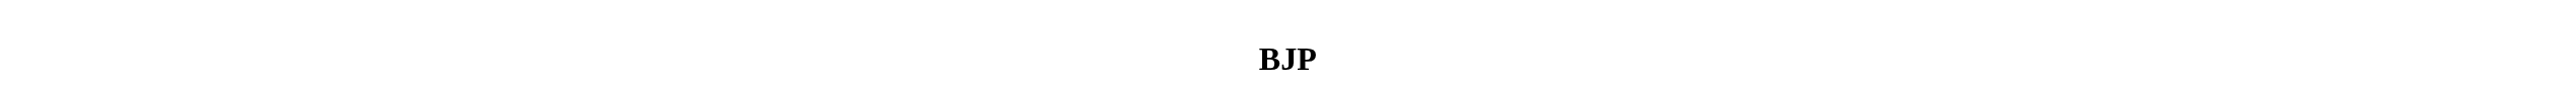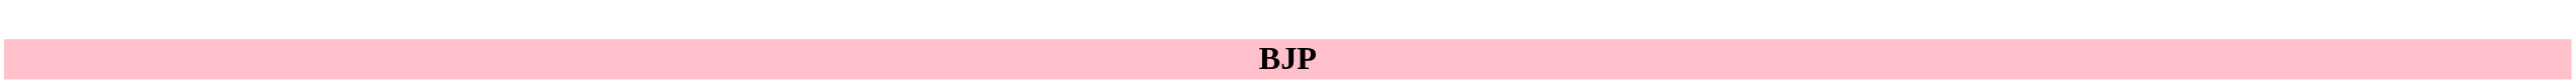 <table style="width:100%; text-align:center;">
 <tr style="color:white;">
 <td style="background:"><strong>4</strong></td>
 </tr>
 <tr>
-<td><span><strong>BJP</strong></span></td>
+<td style="background: pink;"><span><strong>BJP</strong></span></td>
 </tr>
 </table>
